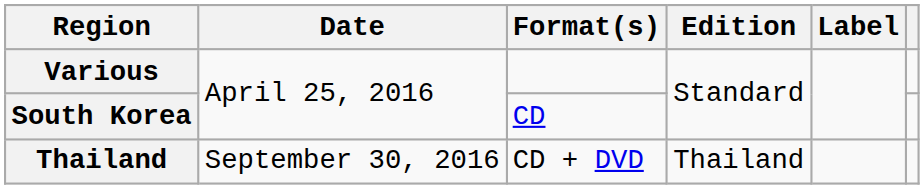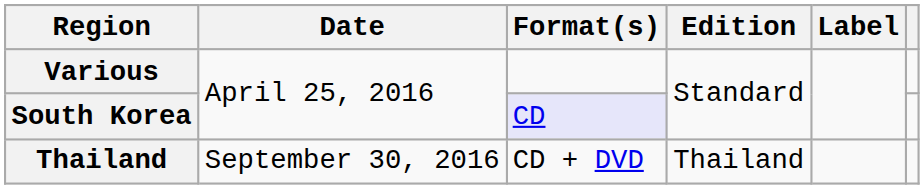 <table class="wikitable plainrowheaders">
 <tr>
 <th>Region</th>
 <th>Date</th>
 <th>Format(s)</th>
 <th>Edition</th>
 <th>Label</th>
 <th></th>
 </tr>
 <tr>
 <th scope="row">Various</th>
 <td rowspan="2">April 25, 2016</td>
 <td></td>
 <td rowspan="2">Standard</td>
 <td rowspan="2"></td>
 <td></td>
 </tr>
 <tr>
 <th scope="row">South Korea</th>
-<td><a href='#'>CD</a></td>
+<td style="background: lavender;"><a href='#'>CD</a></td>
 <td></td>
 </tr>
 <tr>
 <th scope="row">Thailand</th>
 <td>September 30, 2016</td>
 <td>CD + <a href='#'>DVD</a></td>
 <td>Thailand</td>
 <td></td>
 <td></td>
 </tr>
 </table>
